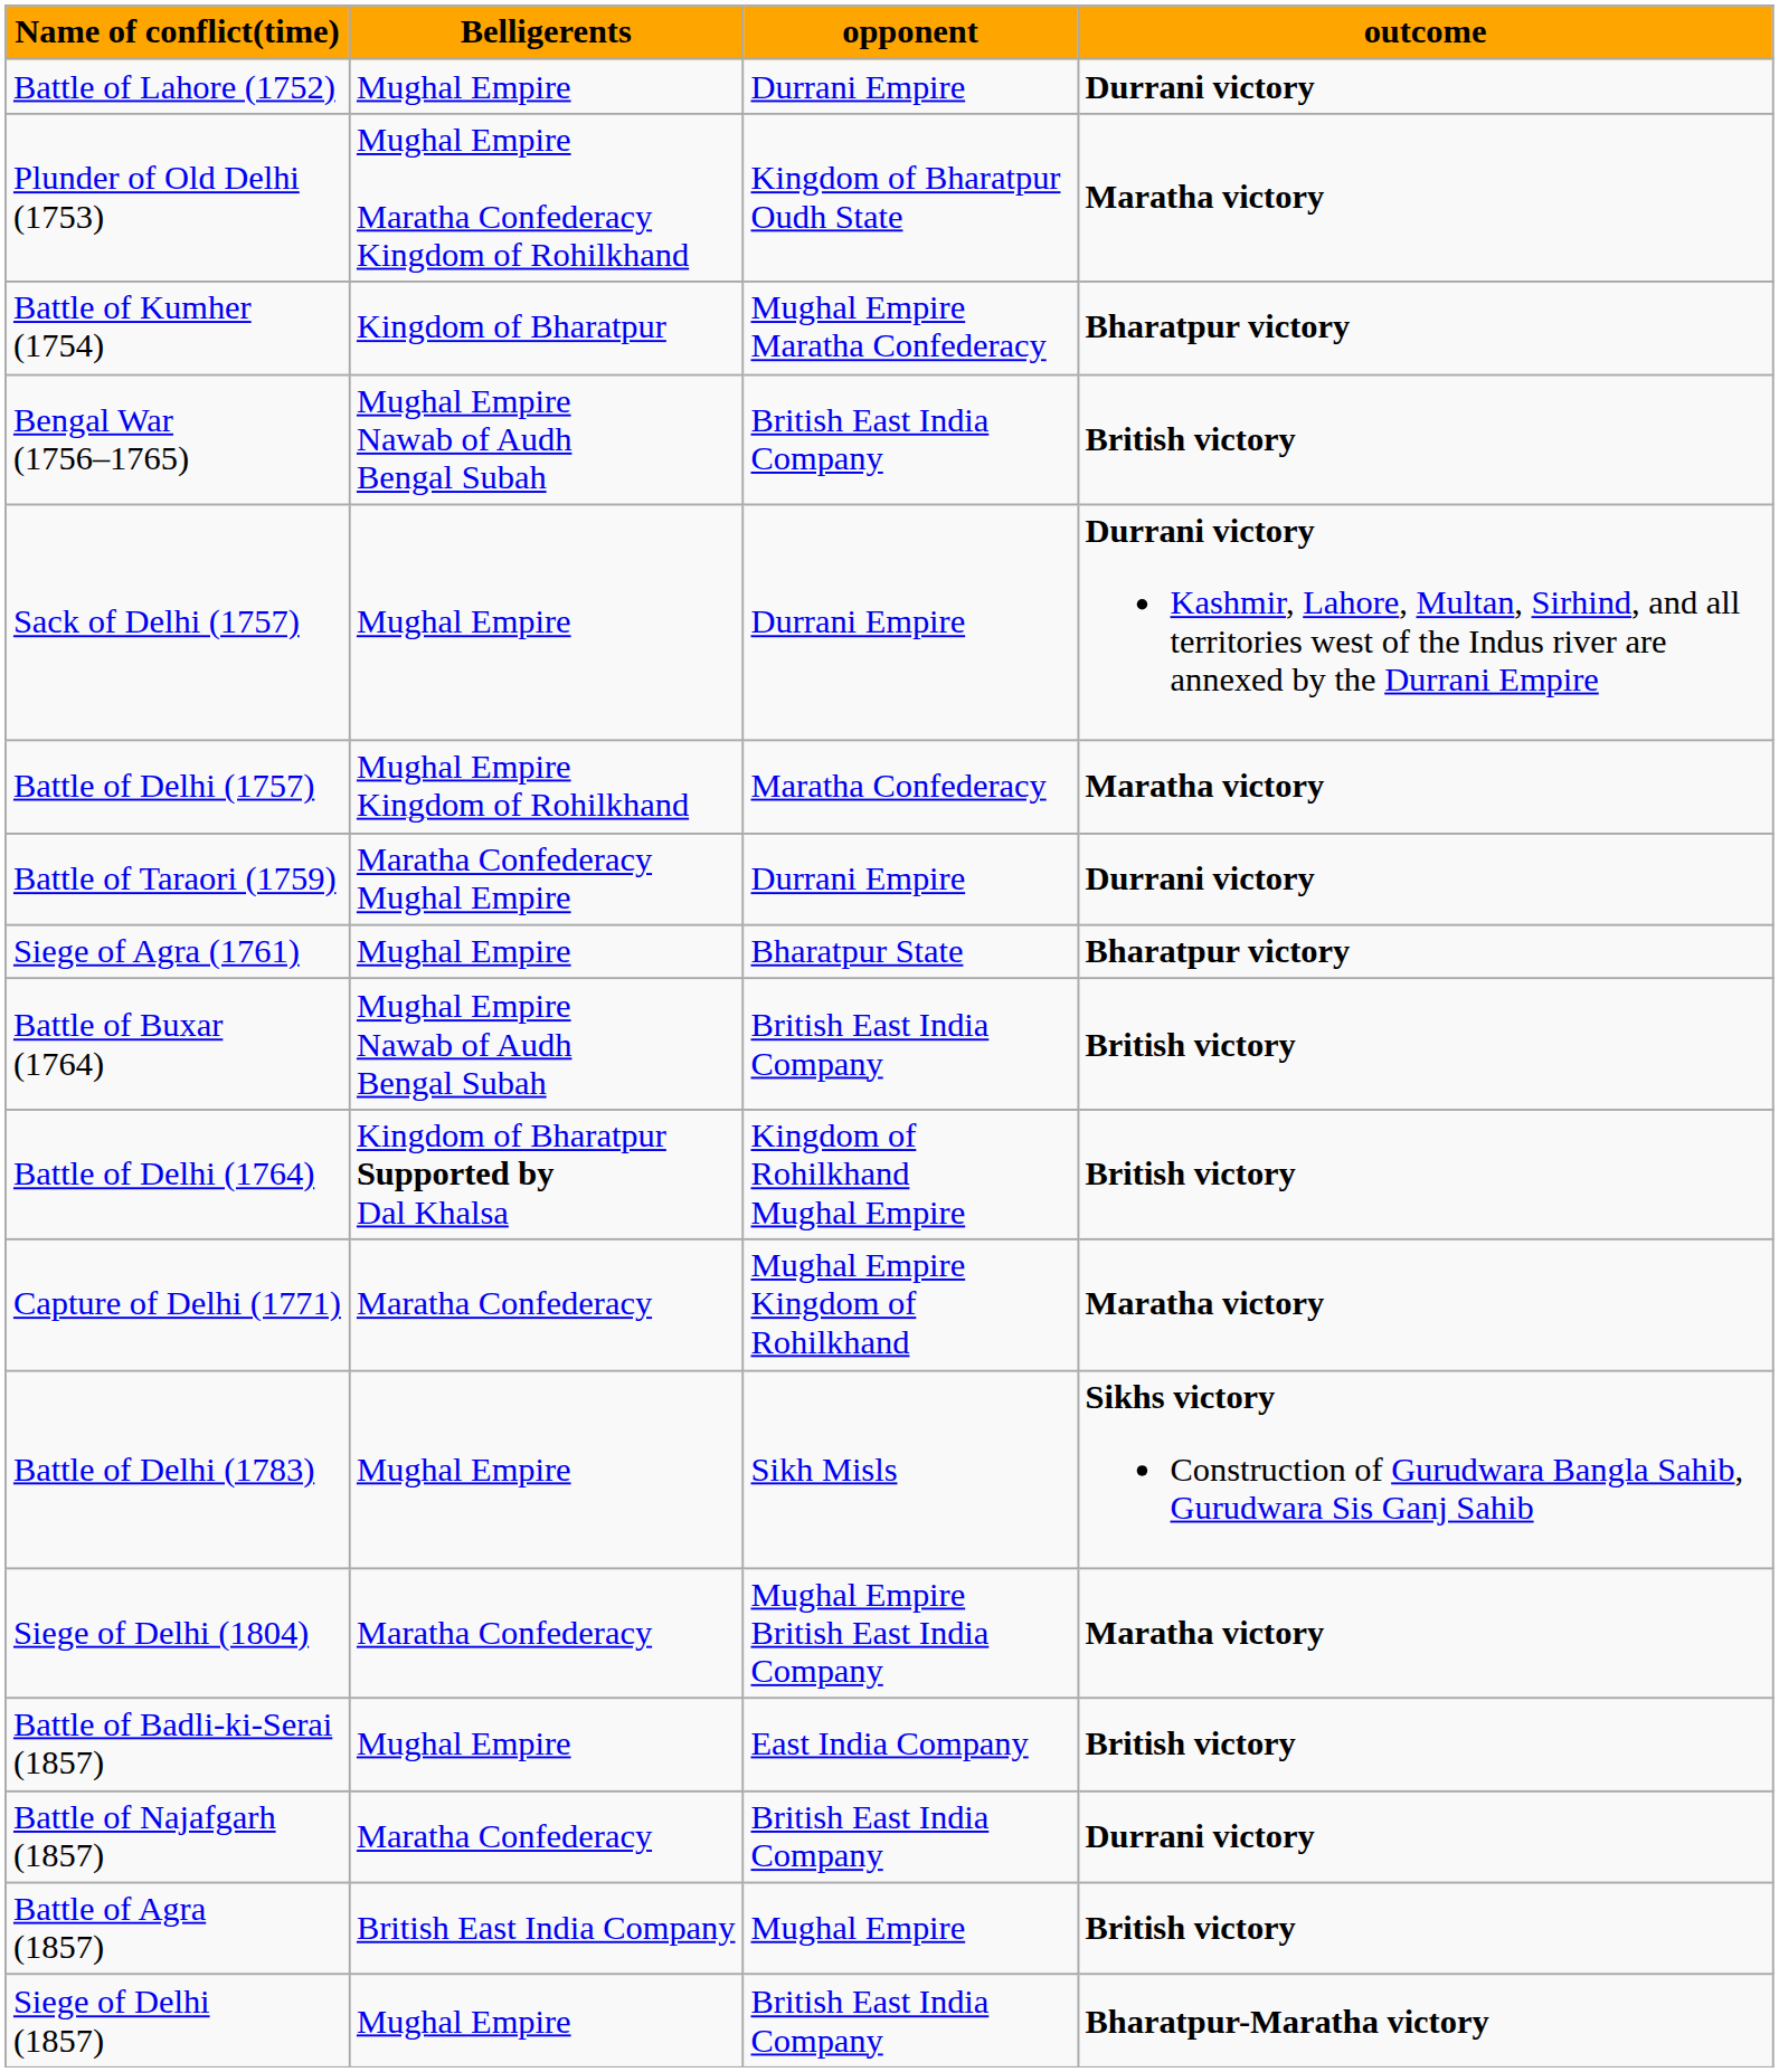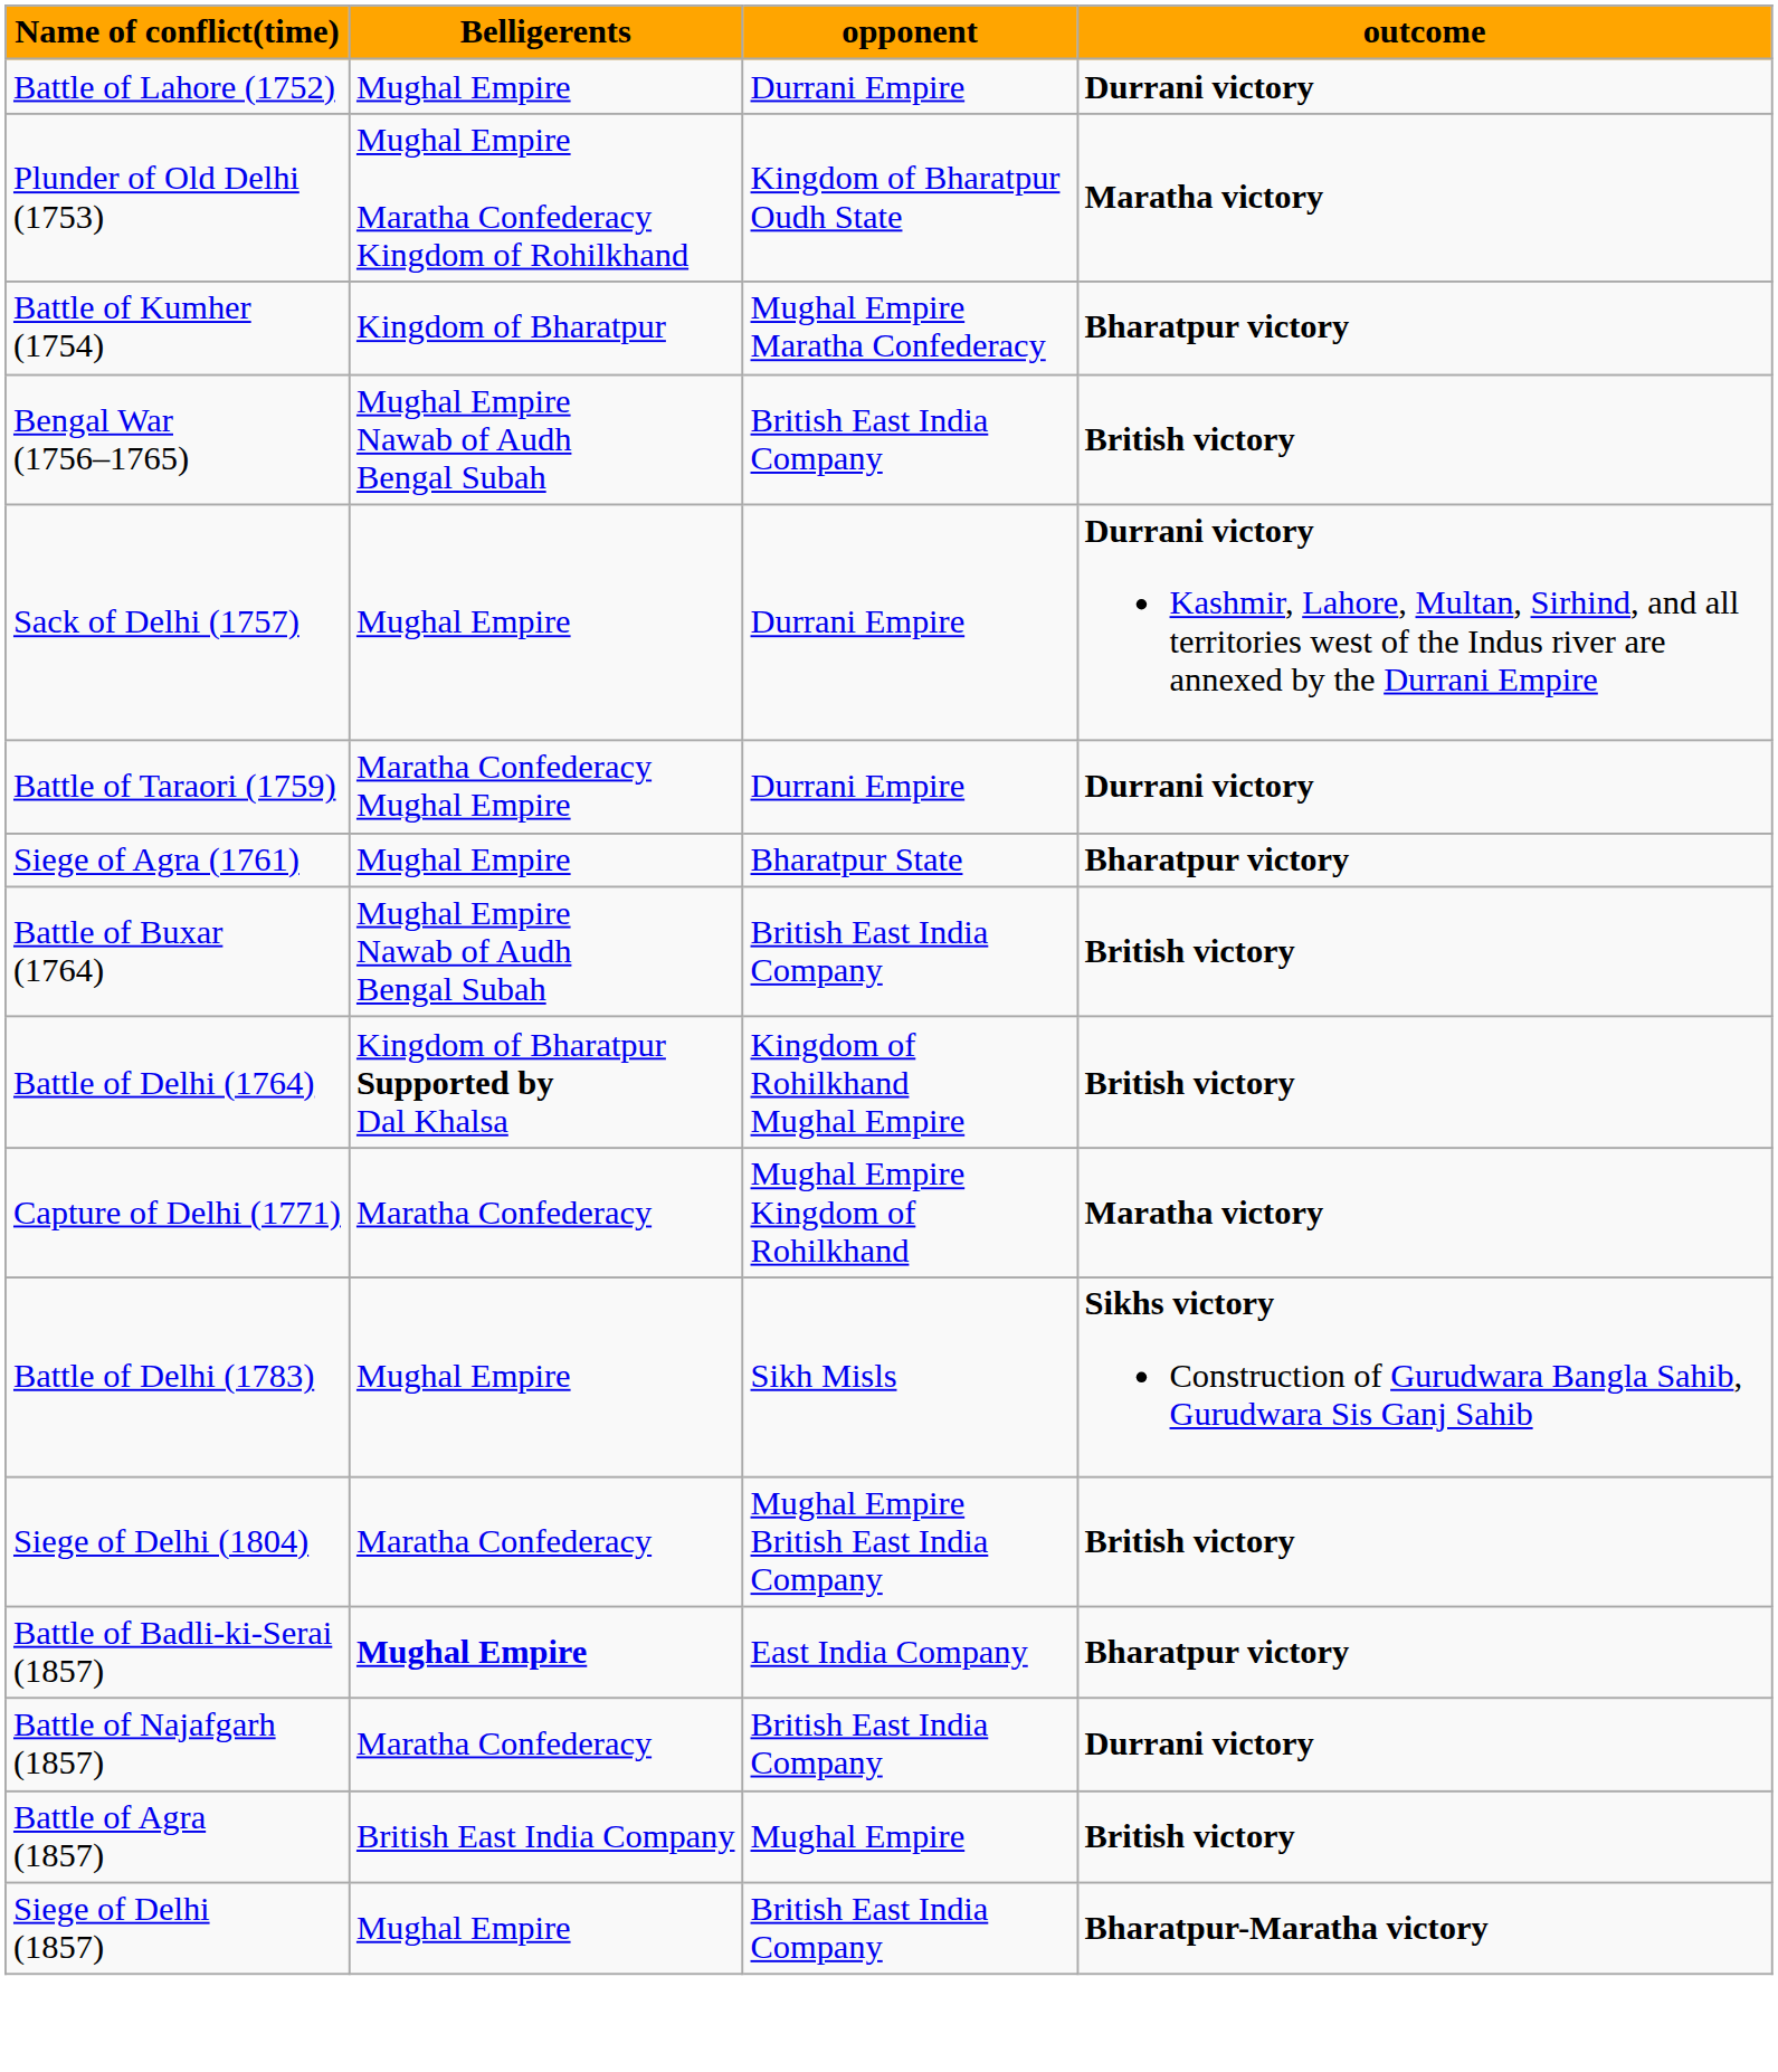 <table class="wikitable">
 <tr>
 <th style=" background:orange;"><span>Name of conflict(time)</span></th>
 <th style="background:orange;widh:150px;"><span>Belligerents</span></th>
 <th style="background:orange;width:150px;"><span> opponent</span></th>
 <th style="background:orange;width:320px;"><span> outcome</span></th>
 </tr>
 <tr>
 <td><a href='#'>Battle of Lahore (1752)</a></td>
 <td> <a href='#'>Mughal Empire</a></td>
 <td> <a href='#'>Durrani Empire</a></td>
 <td><strong>Durrani victory</strong></td>
 </tr>
 <tr>
 <td><a href='#'>Plunder of Old Delhi</a><br>(1753)</td>
 <td> <a href='#'>Mughal Empire</a><br><br><a href='#'>Maratha Confederacy</a><br> <a href='#'>Kingdom of Rohilkhand</a></td>
 <td><a href='#'>Kingdom of Bharatpur</a><br> <a href='#'>Oudh State</a></td>
 <td><strong>Maratha victory</strong></td>
 </tr>
 <tr>
 <td><a href='#'>Battle of Kumher</a><br>(1754)</td>
 <td><a href='#'>Kingdom of Bharatpur</a></td>
 <td><a href='#'>Mughal Empire</a><br> <a href='#'>Maratha Confederacy</a></td>
 <td><strong>Bharatpur victory</strong></td>
 </tr>
 <tr>
 <td><a href='#'>Bengal War</a><br>(1756–1765)</td>
 <td> <a href='#'>Mughal Empire</a><br>  <a href='#'>Nawab of Audh</a><br> <a href='#'>Bengal Subah</a></td>
 <td><a href='#'>British East India Company</a></td>
 <td><strong>British victory</strong></td>
 </tr>
 <tr>
 <td><a href='#'>Sack of Delhi (1757)</a></td>
 <td><a href='#'>Mughal Empire</a></td>
 <td> <a href='#'>Durrani Empire</a></td>
 <td><strong>Durrani victory</strong><br><ul><li><a href='#'>Kashmir</a>, <a href='#'>Lahore</a>, <a href='#'>Multan</a>, <a href='#'>Sirhind</a>, and all territories west of the Indus river are annexed by the <a href='#'>Durrani Empire</a></li></ul></td>
-</tr>
-<tr>
-<td><a href='#'>Battle of Delhi (1757)</a></td>
-<td><a href='#'>Mughal Empire</a><br> <a href='#'>Kingdom of Rohilkhand</a></td>
-<td> <a href='#'>Maratha Confederacy</a></td>
-<td><strong>Maratha victory</strong></td>
 </tr>
 <tr>
 <td><a href='#'>Battle of Taraori (1759)</a></td>
 <td> <a href='#'>Maratha Confederacy</a><br> <a href='#'>Mughal Empire</a></td>
 <td> <a href='#'>Durrani Empire</a></td>
 <td><strong>Durrani victory</strong></td>
 </tr>
 <tr>
 <td><a href='#'>Siege of Agra (1761)</a></td>
 <td> <a href='#'>Mughal Empire</a></td>
 <td> <a href='#'>Bharatpur State</a></td>
 <td><strong>Bharatpur victory</strong></td>
 </tr>
 <tr>
 <td><a href='#'>Battle of Buxar</a><br>(1764)</td>
 <td> <a href='#'>Mughal Empire</a><br> <a href='#'>Nawab of Audh</a><br> <a href='#'>Bengal Subah</a></td>
 <td> <a href='#'>British East India Company</a></td>
 <td><strong>British victory</strong></td>
 </tr>
 <tr>
 <td><a href='#'>Battle of Delhi (1764)</a></td>
 <td> <a href='#'>Kingdom of Bharatpur</a><br><strong>Supported by</strong><br> <a href='#'>Dal Khalsa</a></td>
 <td> <a href='#'>Kingdom of Rohilkhand</a><br> <a href='#'>Mughal Empire</a></td>
 <td><strong>British victory</strong></td>
 </tr>
 <tr>
 <td><a href='#'>Capture of Delhi (1771)</a></td>
 <td> <a href='#'>Maratha Confederacy</a></td>
 <td> <a href='#'>Mughal Empire</a><br> <a href='#'>Kingdom of Rohilkhand</a></td>
 <td><strong>Maratha victory</strong></td>
 </tr>
 <tr>
 <td><a href='#'>Battle of Delhi (1783)</a></td>
 <td> <a href='#'>Mughal Empire</a></td>
 <td><a href='#'>Sikh Misls</a></td>
 <td><strong>Sikhs victory</strong><br><ul><li>Construction of <a href='#'>Gurudwara Bangla Sahib</a>, <a href='#'>Gurudwara Sis Ganj Sahib</a></li></ul></td>
 </tr>
 <tr>
 <td><a href='#'>Siege of Delhi (1804)</a></td>
 <td> <a href='#'>Maratha Confederacy</a></td>
 <td> <a href='#'>Mughal Empire</a><br> <a href='#'>British East India Company</a></td>
-<td><strong>Maratha victory</strong></td>
+<td><strong>British victory</strong></td>
 </tr>
 <tr>
 <td><a href='#'>Battle of Badli-ki-Serai</a><br>(1857)</td>
-<td> <a href='#'>Mughal Empire</a></td>
+<td><strong> <a href='#'>Mughal Empire</a></strong></td>
 <td> <a href='#'>East India Company</a></td>
-<td><strong>British victory</strong></td>
+<td><strong>Bharatpur victory</strong></td>
 </tr>
 <tr>
 <td><a href='#'>Battle of Najafgarh</a><br>(1857)</td>
 <td> <a href='#'>Maratha Confederacy</a></td>
 <td> <a href='#'>British East India Company</a></td>
 <td><strong>Durrani victory</strong></td>
 </tr>
 <tr>
 <td><a href='#'>Battle of Agra</a><br>(1857)</td>
 <td> <a href='#'>British East India Company</a></td>
 <td><a href='#'>Mughal Empire</a></td>
 <td><strong>British victory</strong></td>
 </tr>
 <tr>
 <td><a href='#'>Siege of Delhi</a><br>(1857)</td>
 <td><a href='#'>Mughal Empire</a></td>
 <td> <a href='#'>British East India Company</a></td>
 <td><strong>Bharatpur-Maratha victory</strong></td>
 </tr>
 </table>
